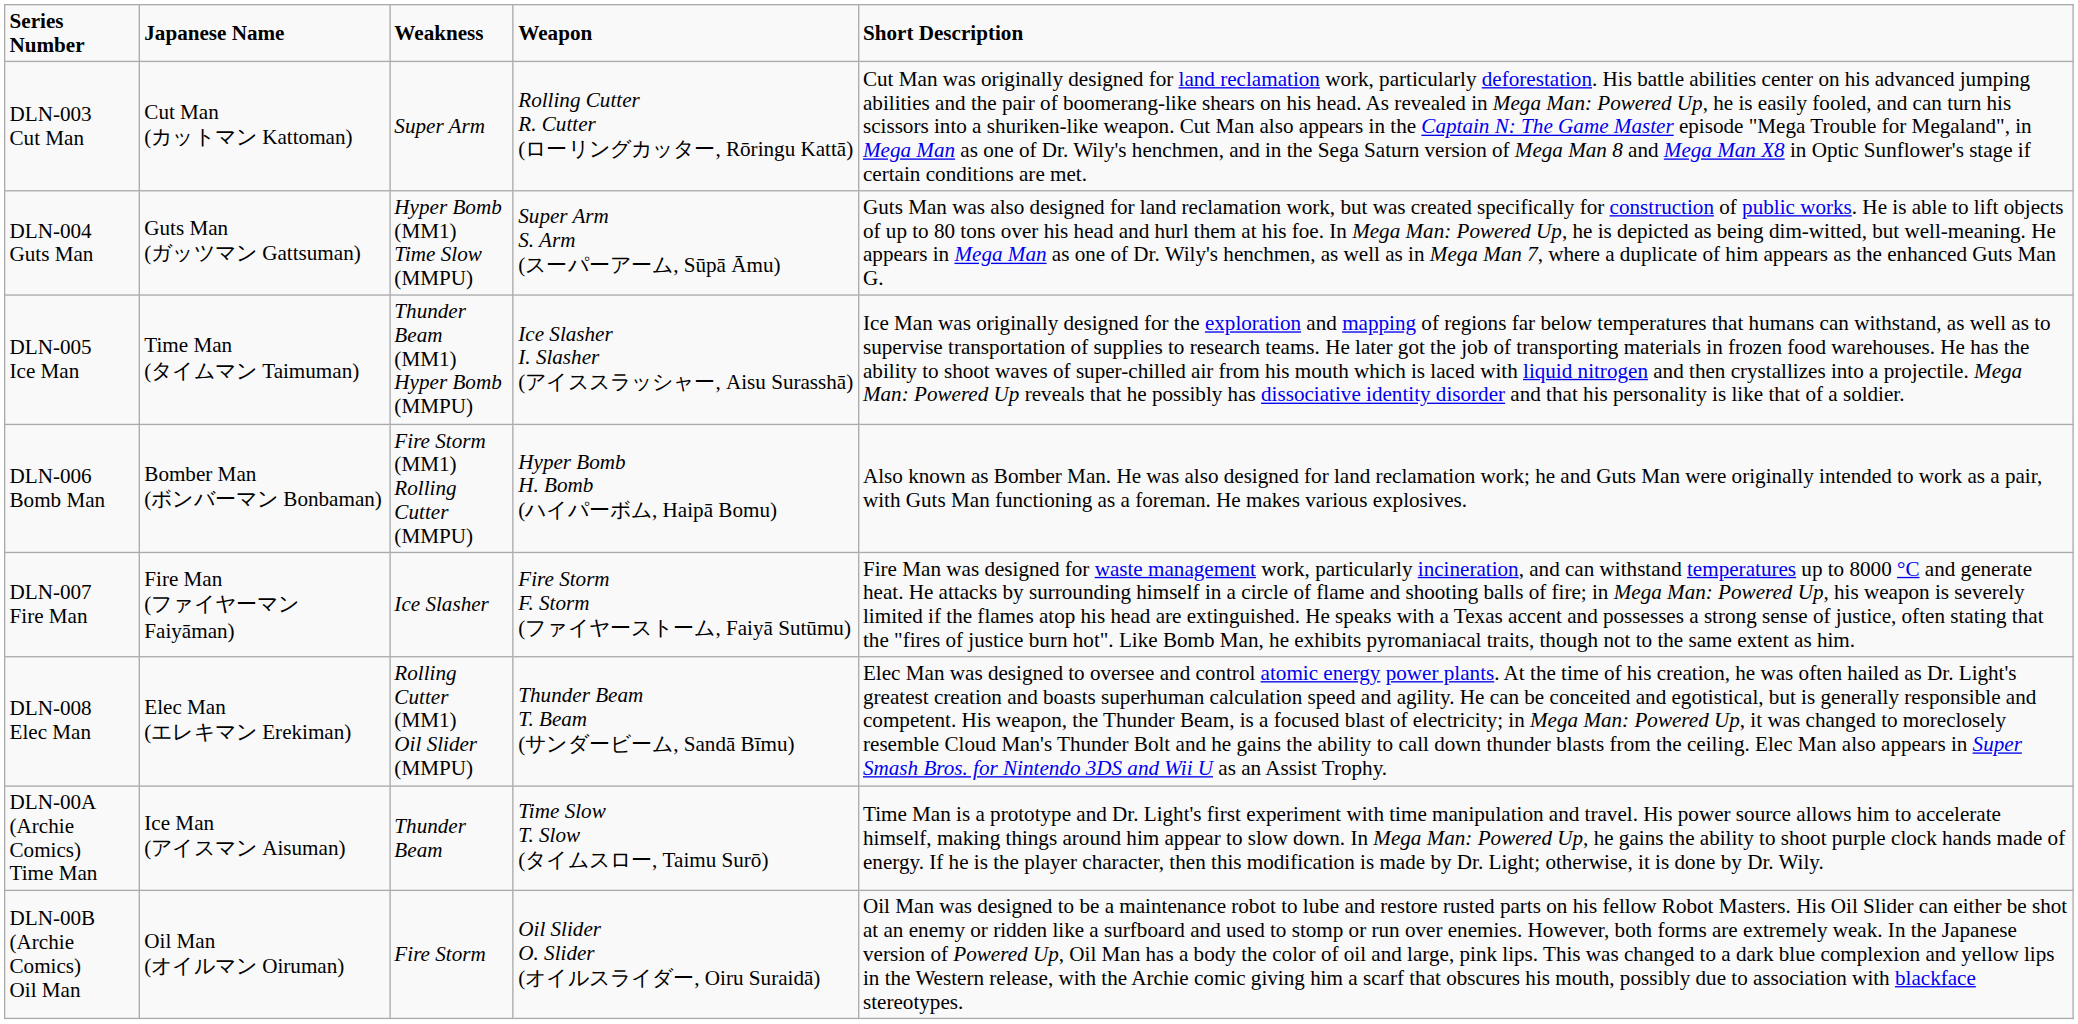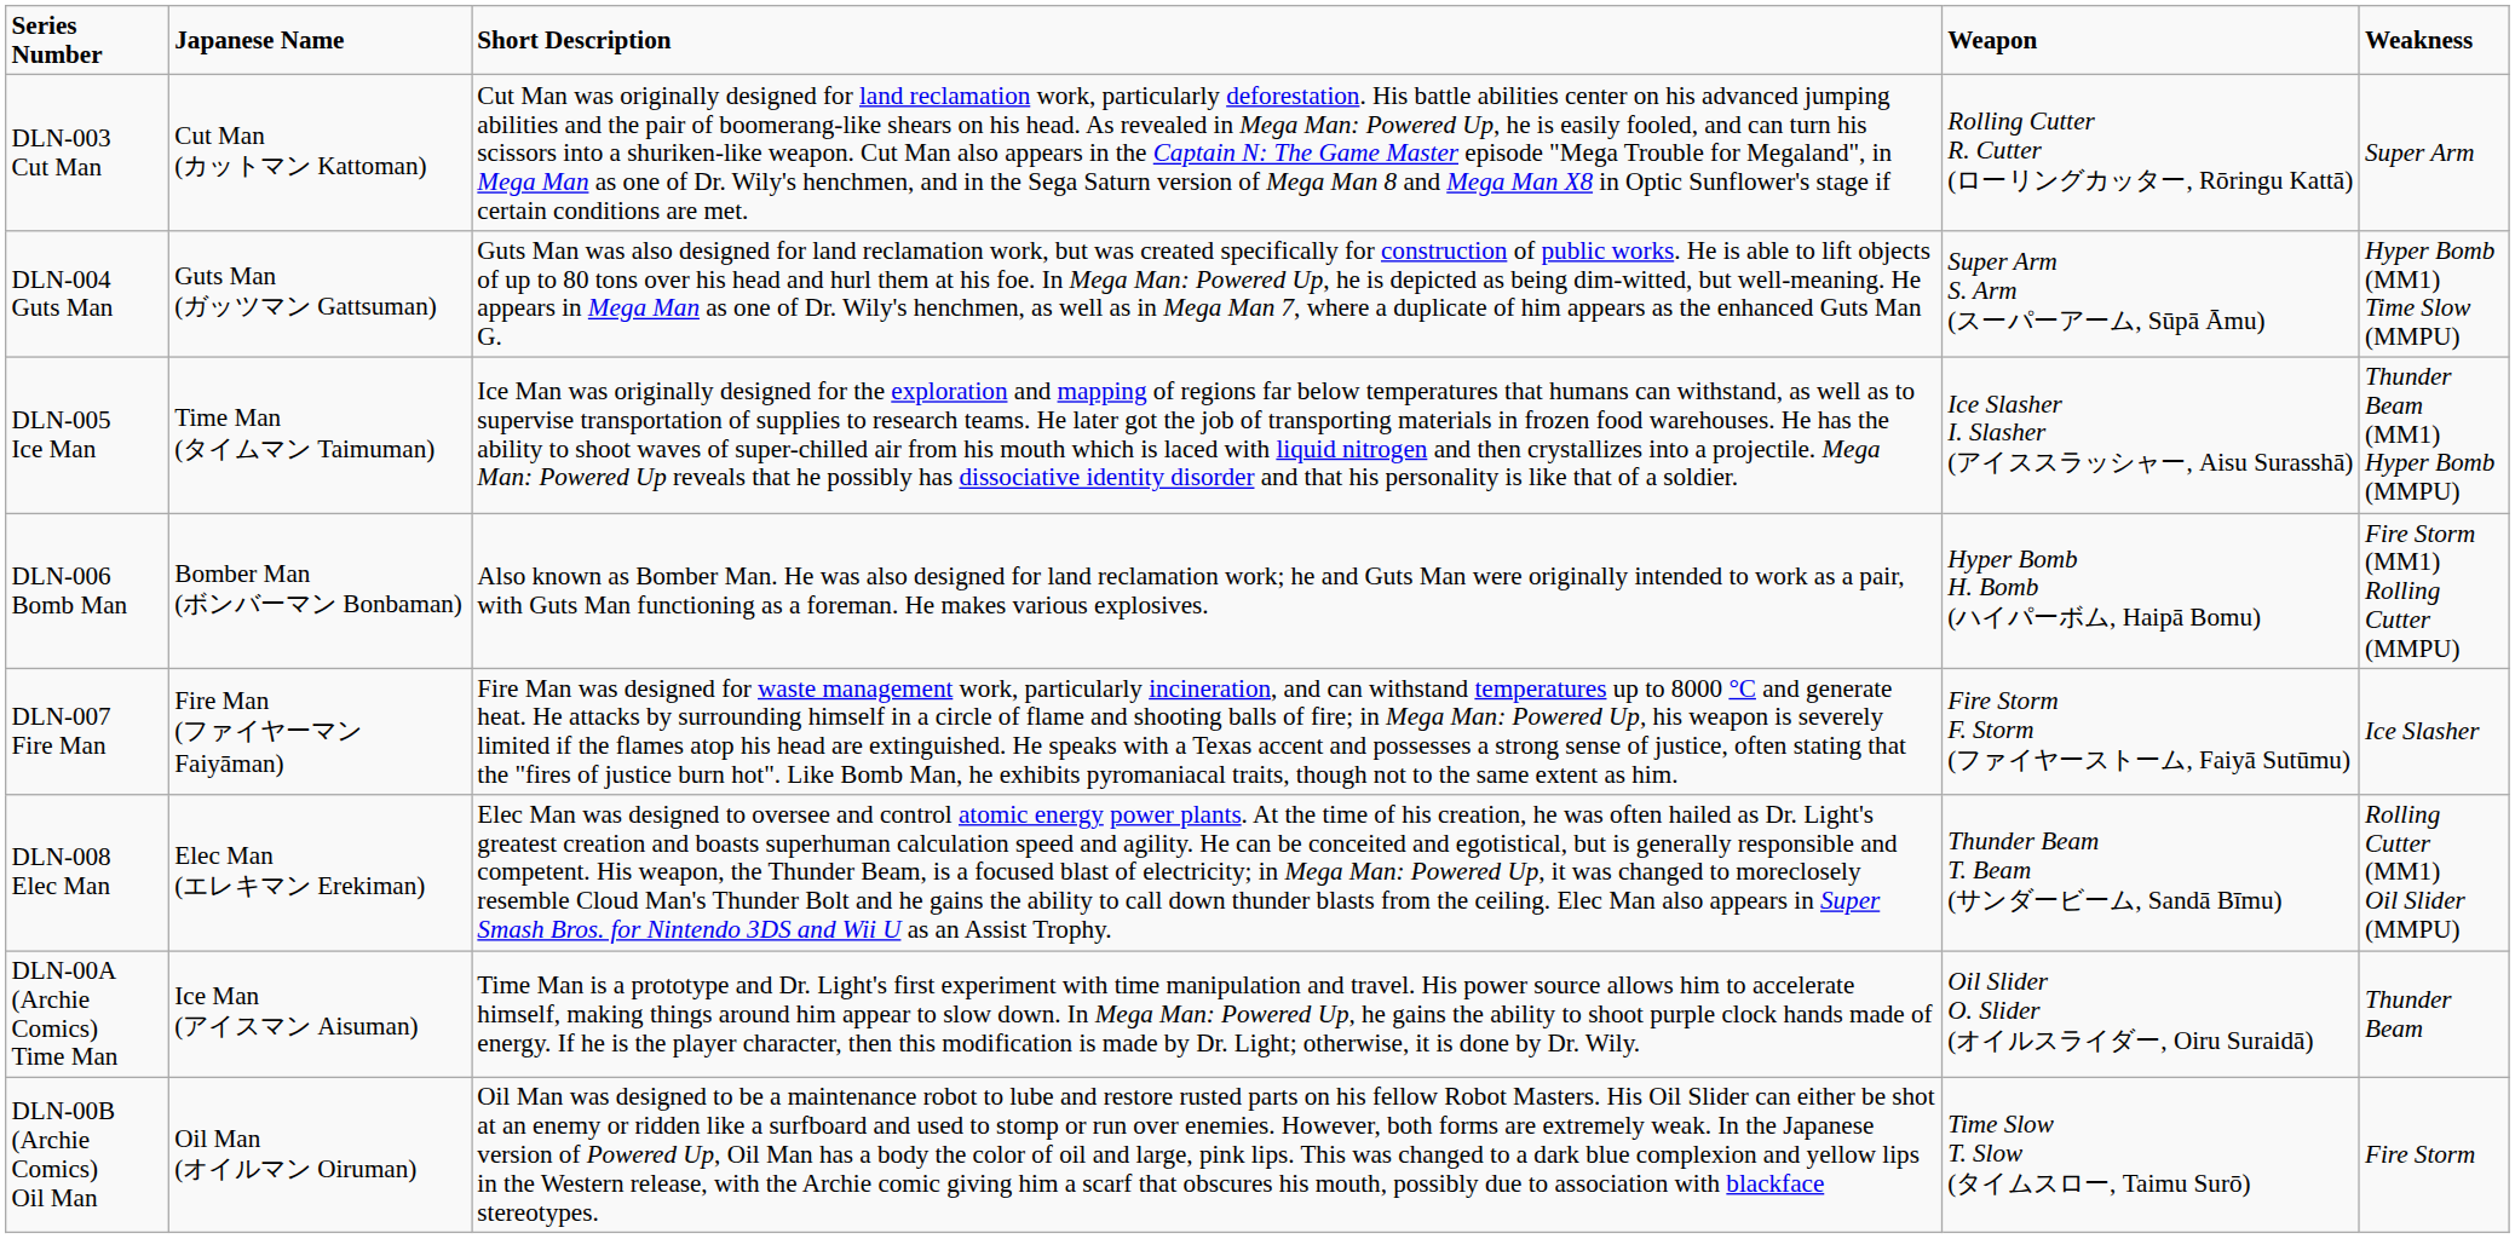 <table class="wikitable">
 <tr>
 <td><strong>Series Number</strong></td>
 <td><strong>Japanese Name</strong></td>
+<td><strong>Short Description</strong></td>
+<td><strong>Weapon</strong></td>
 <td><strong>Weakness</strong></td>
-<td><strong>Weapon</strong></td>
-<td><strong>Short Description</strong></td>
 </tr>
 <tr>
 <td>DLN-003<br>Cut Man</td>
 <td>Cut Man<br>(カットマン Kattoman)</td>
+<td>Cut Man was originally designed for <a href='#'>land reclamation</a> work, particularly <a href='#'>deforestation</a>. His battle abilities center on his advanced jumping abilities and the pair of boomerang-like shears on his head. As revealed in <em>Mega Man: Powered Up</em>, he is easily fooled, and can turn his scissors into a shuriken-like weapon. Cut Man also appears in the <em><a href='#'>Captain N: The Game Master</a></em> episode "Mega Trouble for Megaland", in <a href='#'><em>Mega Man</em></a> as one of Dr. Wily's henchmen, and in the Sega Saturn version of <em>Mega Man 8</em> and <em><a href='#'>Mega Man X8</a></em> in Optic Sunflower's stage if certain conditions are met.</td>
+<td style="white-space:nowrap;"><em>Rolling Cutter</em><br><em>R. Cutter</em> <br>(ローリングカッター, Rōringu Kattā)</td>
 <td><em>Super Arm</em></td>
-<td style="white-space:nowrap;"><em>Rolling Cutter</em><br><em>R. Cutter</em> <br>(ローリングカッター, Rōringu Kattā)</td>
-<td>Cut Man was originally designed for <a href='#'>land reclamation</a> work, particularly <a href='#'>deforestation</a>. His battle abilities center on his advanced jumping abilities and the pair of boomerang-like shears on his head. As revealed in <em>Mega Man: Powered Up</em>, he is easily fooled, and can turn his scissors into a shuriken-like weapon. Cut Man also appears in the <em><a href='#'>Captain N: The Game Master</a></em> episode "Mega Trouble for Megaland", in <a href='#'><em>Mega Man</em></a> as one of Dr. Wily's henchmen, and in the Sega Saturn version of <em>Mega Man 8</em> and <em><a href='#'>Mega Man X8</a></em> in Optic Sunflower's stage if certain conditions are met.</td>
 </tr>
 <tr>
 <td>DLN-004<br>Guts Man</td>
 <td>Guts Man<br>(ガッツマン Gattsuman)</td>
+<td>Guts Man was also designed for land reclamation work, but was created specifically for <a href='#'>construction</a> of <a href='#'>public works</a>. He is able to lift objects of up to 80 tons over his head and hurl them at his foe. In <em>Mega Man: Powered Up</em>, he is depicted as being dim-witted, but well-meaning. He appears in <a href='#'><em>Mega Man</em></a> as one of Dr. Wily's henchmen, as well as in <em>Mega Man 7</em>, where a duplicate of him appears as the enhanced Guts Man G.</td>
+<td><em>Super Arm</em><br><em>S. Arm</em> <br>(スーパーアーム, Sūpā Āmu)</td>
 <td><em>Hyper Bomb</em> (MM1) <br> <em>Time Slow</em> (MMPU)</td>
-<td><em>Super Arm</em><br><em>S. Arm</em> <br>(スーパーアーム, Sūpā Āmu)</td>
-<td>Guts Man was also designed for land reclamation work, but was created specifically for <a href='#'>construction</a> of <a href='#'>public works</a>. He is able to lift objects of up to 80 tons over his head and hurl them at his foe. In <em>Mega Man: Powered Up</em>, he is depicted as being dim-witted, but well-meaning. He appears in <a href='#'><em>Mega Man</em></a> as one of Dr. Wily's henchmen, as well as in <em>Mega Man 7</em>, where a duplicate of him appears as the enhanced Guts Man G.</td>
 </tr>
 <tr>
 <td>DLN-005<br>Ice Man</td>
 <td>Time Man<br>(タイムマン Taimuman)</td>
+<td>Ice Man was originally designed for the <a href='#'>exploration</a> and <a href='#'>mapping</a> of regions far below temperatures that humans can withstand, as well as to supervise transportation of supplies to research teams. He later got the job of transporting materials in frozen food warehouses. He has the ability to shoot waves of super-chilled air from his mouth which is laced with <a href='#'>liquid nitrogen</a> and then crystallizes into a projectile. <em>Mega Man: Powered Up</em> reveals that he possibly has <a href='#'>dissociative identity disorder</a> and that his personality is like that of a soldier.</td>
+<td><em>Ice Slasher</em><br><em>I. Slasher</em> <br>(アイススラッシャー, Aisu Surasshā)</td>
 <td><em>Thunder Beam</em> (MM1) <br> <em>Hyper Bomb</em> (MMPU)</td>
-<td><em>Ice Slasher</em><br><em>I. Slasher</em> <br>(アイススラッシャー, Aisu Surasshā)</td>
-<td>Ice Man was originally designed for the <a href='#'>exploration</a> and <a href='#'>mapping</a> of regions far below temperatures that humans can withstand, as well as to supervise transportation of supplies to research teams. He later got the job of transporting materials in frozen food warehouses. He has the ability to shoot waves of super-chilled air from his mouth which is laced with <a href='#'>liquid nitrogen</a> and then crystallizes into a projectile. <em>Mega Man: Powered Up</em> reveals that he possibly has <a href='#'>dissociative identity disorder</a> and that his personality is like that of a soldier.</td>
 </tr>
 <tr>
 <td style="white-space:nowrap;">DLN-006<br>Bomb Man</td>
 <td style="white-space:nowrap;">Bomber Man<br>(ボンバーマン Bonbaman)</td>
+<td>Also known as Bomber Man. He was also designed for land reclamation work; he and Guts Man were originally intended to work as a pair, with Guts Man functioning as a foreman. He makes various explosives.</td>
+<td><em>Hyper Bomb</em><br><em>H. Bomb</em> <br>(ハイパーボム, Haipā Bomu)</td>
 <td><em>Fire Storm</em> (MM1) <br> <em>Rolling Cutter</em> (MMPU)</td>
-<td><em>Hyper Bomb</em><br><em>H. Bomb</em> <br>(ハイパーボム, Haipā Bomu)</td>
-<td>Also known as Bomber Man. He was also designed for land reclamation work; he and Guts Man were originally intended to work as a pair, with Guts Man functioning as a foreman. He makes various explosives.</td>
 </tr>
 <tr>
 <td>DLN-007<br>Fire Man</td>
 <td>Fire Man<br>(ファイヤーマン Faiyāman)</td>
+<td>Fire Man was designed for <a href='#'>waste management</a> work, particularly <a href='#'>incineration</a>, and can withstand <a href='#'>temperatures</a> up to 8000 <a href='#'>°C</a> and generate heat. He attacks by surrounding himself in a circle of flame and shooting balls of fire; in <em>Mega Man: Powered Up,</em> his weapon is severely limited if the flames atop his head are extinguished. He speaks with a Texas accent and possesses a strong sense of justice, often stating that the "fires of justice burn hot". Like Bomb Man, he exhibits pyromaniacal traits, though not to the same extent as him.</td>
+<td><em>Fire Storm</em><br><em>F. Storm</em> <br>(ファイヤーストーム, Faiyā Sutūmu)</td>
 <td><em>Ice Slasher</em></td>
-<td><em>Fire Storm</em><br><em>F. Storm</em> <br>(ファイヤーストーム, Faiyā Sutūmu)</td>
-<td>Fire Man was designed for <a href='#'>waste management</a> work, particularly <a href='#'>incineration</a>, and can withstand <a href='#'>temperatures</a> up to 8000 <a href='#'>°C</a> and generate heat. He attacks by surrounding himself in a circle of flame and shooting balls of fire; in <em>Mega Man: Powered Up,</em> his weapon is severely limited if the flames atop his head are extinguished. He speaks with a Texas accent and possesses a strong sense of justice, often stating that the "fires of justice burn hot". Like Bomb Man, he exhibits pyromaniacal traits, though not to the same extent as him.</td>
 </tr>
 <tr>
 <td>DLN-008<br>Elec Man</td>
 <td>Elec Man<br>(エレキマン Erekiman)</td>
+<td>Elec Man was designed to oversee and control <a href='#'>atomic energy</a> <a href='#'>power plants</a>. At the time of his creation, he was often hailed as Dr. Light's greatest creation and boasts superhuman calculation speed and agility. He can be conceited and egotistical, but is generally responsible and competent. His weapon, the Thunder Beam, is a focused blast of electricity; in <em>Mega Man: Powered Up</em>, it was changed to moreclosely  resemble Cloud Man's Thunder Bolt and he gains the ability to call down thunder blasts from the ceiling.  Elec Man also appears in <em><a href='#'>Super Smash Bros. for Nintendo 3DS and Wii U</a></em> as an Assist Trophy.</td>
+<td><em>Thunder Beam</em><br><em>T. Beam</em> <br>(サンダービーム, Sandā Bīmu)</td>
 <td><em>Rolling Cutter</em> (MM1) <br> <em>Oil Slider</em> (MMPU)</td>
-<td><em>Thunder Beam</em><br><em>T. Beam</em> <br>(サンダービーム, Sandā Bīmu)</td>
-<td>Elec Man was designed to oversee and control <a href='#'>atomic energy</a> <a href='#'>power plants</a>. At the time of his creation, he was often hailed as Dr. Light's greatest creation and boasts superhuman calculation speed and agility. He can be conceited and egotistical, but is generally responsible and competent. His weapon, the Thunder Beam, is a focused blast of electricity; in <em>Mega Man: Powered Up</em>, it was changed to moreclosely  resemble Cloud Man's Thunder Bolt and he gains the ability to call down thunder blasts from the ceiling.  Elec Man also appears in <em><a href='#'>Super Smash Bros. for Nintendo 3DS and Wii U</a></em> as an Assist Trophy.</td>
 </tr>
 <tr>
 <td>DLN-00A (Archie Comics)<br>Time Man</td>
 <td>Ice Man<br>(アイスマン Aisuman)</td>
+<td>Time Man is a prototype and Dr. Light's first experiment with time manipulation and travel. His power source allows him to accelerate himself, making things around him appear to slow down. In <em>Mega Man: Powered Up,</em> he gains the ability to shoot purple clock hands made of energy. If he is the player character, then this modification is made by Dr. Light; otherwise, it is done by Dr. Wily.</td>
+<td><em>Oil Slider</em><br><em>O. Slider</em> <br>(オイルスライダー, Oiru Suraidā)</td>
 <td><em>Thunder Beam</em></td>
-<td><em>Time Slow</em><br><em>T. Slow</em> <br>(タイムスロー, Taimu Surō)</td>
-<td>Time Man is a prototype and Dr. Light's first experiment with time manipulation and travel. His power source allows him to accelerate himself, making things around him appear to slow down. In <em>Mega Man: Powered Up,</em> he gains the ability to shoot purple clock hands made of energy. If he is the player character, then this modification is made by Dr. Light; otherwise, it is done by Dr. Wily.</td>
 </tr>
 <tr>
 <td>DLN-00B (Archie Comics)<br>Oil Man</td>
 <td>Oil Man<br>(オイルマン Oiruman)</td>
+<td>Oil Man was designed to be a maintenance robot to lube and restore rusted parts on his fellow Robot Masters. His Oil Slider can either be shot at an enemy or ridden like a surfboard and used to stomp or run over enemies. However, both forms are extremely weak. In the Japanese version of <em>Powered Up</em>, Oil Man has a body the color of oil and large, pink lips. This was changed to a dark blue complexion and yellow lips in the Western release, with the Archie comic giving him a scarf that obscures his mouth, possibly due to association with <a href='#'>blackface</a> stereotypes.</td>
+<td><em>Time Slow</em><br><em>T. Slow</em> <br>(タイムスロー, Taimu Surō)</td>
 <td><em>Fire Storm</em></td>
-<td><em>Oil Slider</em><br><em>O. Slider</em> <br>(オイルスライダー, Oiru Suraidā)</td>
-<td>Oil Man was designed to be a maintenance robot to lube and restore rusted parts on his fellow Robot Masters. His Oil Slider can either be shot at an enemy or ridden like a surfboard and used to stomp or run over enemies. However, both forms are extremely weak. In the Japanese version of <em>Powered Up</em>, Oil Man has a body the color of oil and large, pink lips. This was changed to a dark blue complexion and yellow lips in the Western release, with the Archie comic giving him a scarf that obscures his mouth, possibly due to association with <a href='#'>blackface</a> stereotypes.</td>
 </tr>
 </table>
